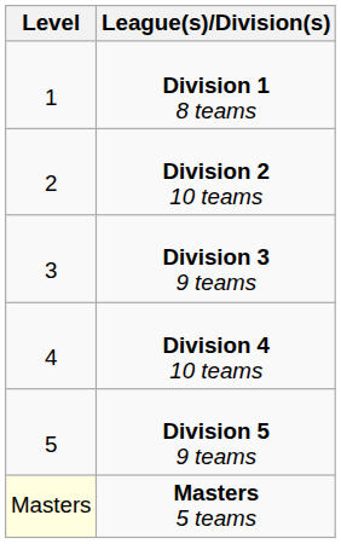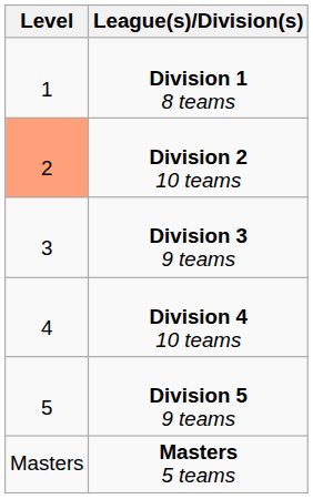 <table class="wikitable" style="text-align: center;">
 <tr>
 <th>Level</th>
 <th>League(s)/Division(s)</th>
 </tr>
 <tr>
 <td><br>1</td>
 <td><br><strong>Division 1</strong><br> <em>8 teams</em></td>
 </tr>
 <tr>
-<td><br>2</td>
+<td style="background: lightsalmon;"><br>2</td>
 <td><br><strong>Division 2</strong><br> <em>10 teams</em></td>
 </tr>
 <tr>
 <td><br>3</td>
 <td><br><strong>Division 3</strong><br> <em>9 teams</em></td>
 </tr>
 <tr>
 <td><br>4</td>
 <td><br><strong>Division 4</strong><br> <em>10 teams</em></td>
 </tr>
 <tr>
 <td><br>5</td>
 <td><br><strong>Division 5</strong><br> <em>9 teams</em></td>
 </tr>
 <tr>
-<td style="background: lightyellow;">Masters</td>
+<td>Masters</td>
 <td><strong>Masters</strong><br><em>5 teams</em></td>
 </tr>
 </table>
